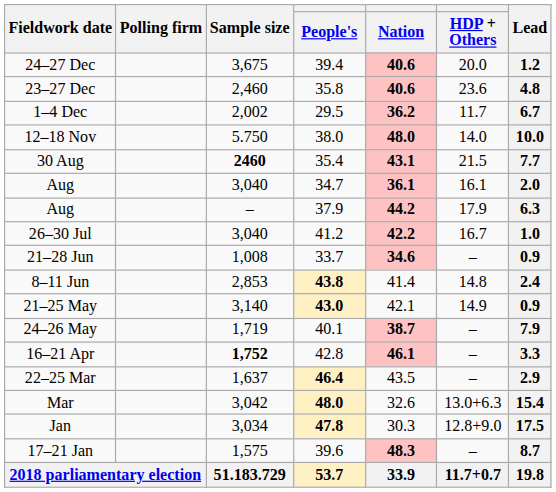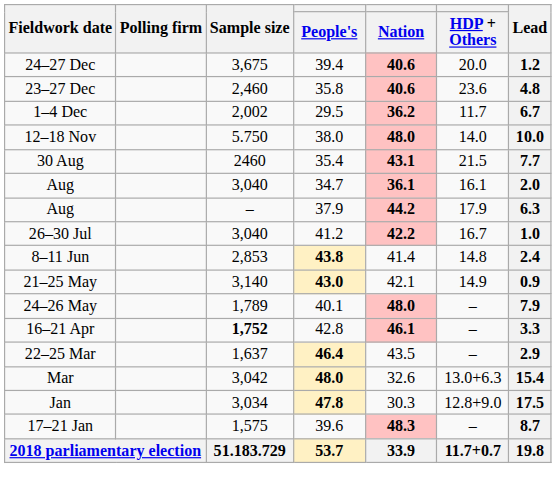 <table class="wikitable mw-datatable mw-collapsible mw-collapsed" style="text-align:center; font-size:85%; line-height:14px;">
 <tr>
 <th rowspan="2">Fieldwork date</th>
 <th rowspan="2">Polling firm</th>
 <th rowspan="2">Sample size</th>
 <th style="background:"></th>
 <th style="background:"></th>
 <th style="background:"></th>
 <th rowspan="2">Lead</th>
 </tr>
 <tr>
 <th style="width:4em;"><a href='#'>People's</a></th>
 <th style="width:4em;"><a href='#'>Nation</a></th>
 <th style="width:4em;"><a href='#'>HDP</a> + <a href='#'>Others</a></th>
 </tr>
 <tr>
 <td>24–27 Dec</td>
 <td></td>
 <td>3,675</td>
 <td>39.4</td>
 <td style="background:#FFC2C2"><strong>40.6</strong></td>
 <td>20.0</td>
 <th style="background:">1.2</th>
 </tr>
 <tr>
 <td>23–27 Dec</td>
 <td></td>
 <td>2,460</td>
 <td>35.8</td>
 <td style="background:#FFC2C2"><strong>40.6</strong></td>
 <td>23.6</td>
 <th style="background:">4.8</th>
 </tr>
 <tr>
 <td>1–4 Dec</td>
 <td></td>
 <td>2,002</td>
 <td>29.5</td>
 <td style="background:#FFC2C2"><strong>36.2</strong></td>
 <td>11.7</td>
 <th style="background:">6.7</th>
 </tr>
 <tr>
 <td>12–18 Nov</td>
 <td></td>
 <td>5.750</td>
 <td>38.0</td>
 <td style="background:#FFC2C2"><strong>48.0</strong></td>
 <td>14.0</td>
 <th style="background:">10.0</th>
 </tr>
 <tr>
 <td>30 Aug</td>
 <td></td>
-<td><strong>2460</strong></td>
+<td>2460</td>
 <td>35.4</td>
 <td style="background:#FFC2C2"><strong>43.1</strong></td>
 <td>21.5</td>
 <th style="background:">7.7</th>
 </tr>
 <tr>
 <td>Aug</td>
 <td></td>
 <td>3,040</td>
 <td>34.7</td>
 <td style="background:#FFC2C2"><strong>36.1</strong></td>
 <td>16.1</td>
 <th style="background:">2.0</th>
 </tr>
 <tr>
 <td>Aug</td>
 <td></td>
 <td>–</td>
 <td>37.9</td>
 <td style="background:#FFC2C2"><strong>44.2</strong></td>
 <td>17.9</td>
 <th style="background:">6.3</th>
 </tr>
 <tr>
 <td>26–30 Jul</td>
 <td></td>
 <td>3,040</td>
 <td>41.2</td>
 <td style="background:#FFC2C2"><strong>42.2</strong></td>
 <td>16.7</td>
 <th style="background:">1.0</th>
 </tr>
 <tr>
-<td>21–28 Jun</td>
-<td></td>
-<td>1,008</td>
-<td>33.7</td>
-<td style="background:#FFC2C2"><strong>34.6</strong></td>
-<td>–</td>
-<th style="background:">0.9</th>
-</tr>
-<tr>
 <td>8–11 Jun</td>
 <td></td>
 <td>2,853</td>
 <td style="background:#FFF1C4"><strong>43.8</strong></td>
 <td>41.4</td>
 <td>14.8</td>
 <th style="background:">2.4</th>
 </tr>
 <tr>
 <td>21–25 May</td>
 <td></td>
 <td>3,140</td>
 <td style="background:#FFF1C4"><strong>43.0</strong></td>
 <td>42.1</td>
 <td>14.9</td>
 <th style="background:">0.9</th>
 </tr>
 <tr>
 <td>24–26 May</td>
 <td></td>
-<td>1,719</td>
+<td>1,789</td>
 <td>40.1</td>
-<td style="background:#FFC2C2"><strong>38.7</strong></td>
+<td style="background:#FFC2C2"><strong>48.0</strong></td>
 <td>–</td>
 <th style="background:">7.9</th>
 </tr>
 <tr>
 <td>16–21 Apr</td>
 <td></td>
 <td><strong>1,752</strong></td>
 <td>42.8</td>
 <td style="background:#FFC2C2"><strong>46.1</strong></td>
 <td>–</td>
 <th style="background:">3.3</th>
 </tr>
 <tr>
 <td>22–25 Mar</td>
 <td></td>
 <td>1,637</td>
 <td style="background:#FFF1C4"><strong>46.4</strong></td>
 <td>43.5</td>
 <td>–</td>
 <th style="background:">2.9</th>
 </tr>
 <tr>
 <td>Mar</td>
 <td></td>
 <td>3,042</td>
 <td style="background:#FFF1C4"><strong>48.0</strong></td>
 <td>32.6</td>
 <td>13.0+6.3</td>
 <th style="background:">15.4</th>
 </tr>
 <tr>
 <td>Jan</td>
 <td></td>
 <td>3,034</td>
 <td style="background:#FFF1C4"><strong>47.8</strong></td>
 <td>30.3</td>
 <td>12.8+9.0</td>
 <th style="background:">17.5</th>
 </tr>
 <tr>
 <td>17–21 Jan</td>
 <td></td>
 <td>1,575</td>
 <td>39.6</td>
 <td style="background:#FFC2C2"><strong>48.3</strong></td>
 <td>–</td>
 <th style="background:">8.7</th>
 </tr>
 <tr>
 <th colspan="2" data-sort-value="2018-06-24"><a href='#'>2018 parliamentary election</a></th>
 <th>51.183.729</th>
 <th style="background:#FFF1C4">53.7</th>
 <th>33.9</th>
 <th>11.7+0.7</th>
 <th style="background:">19.8</th>
 </tr>
 </table>
